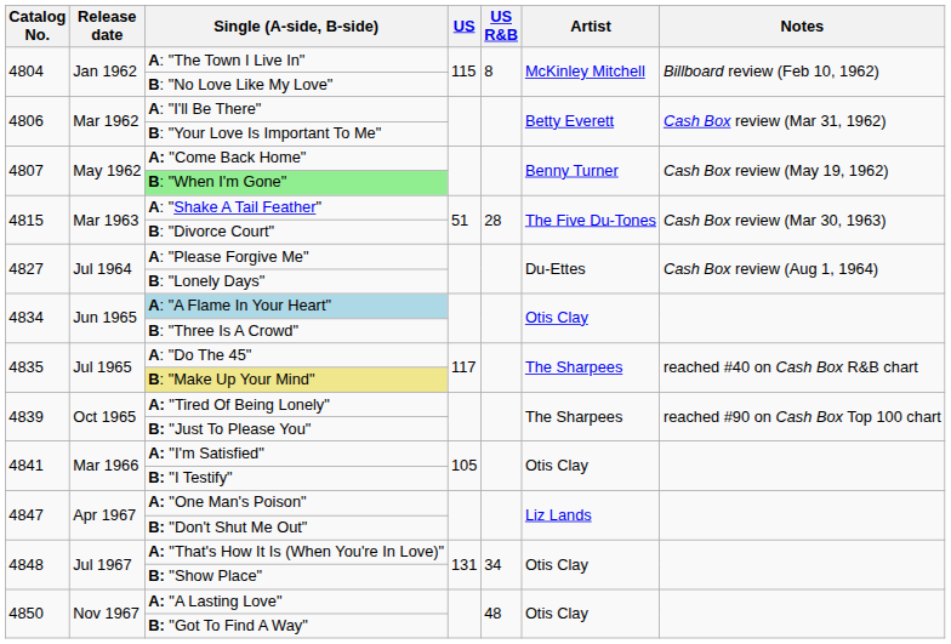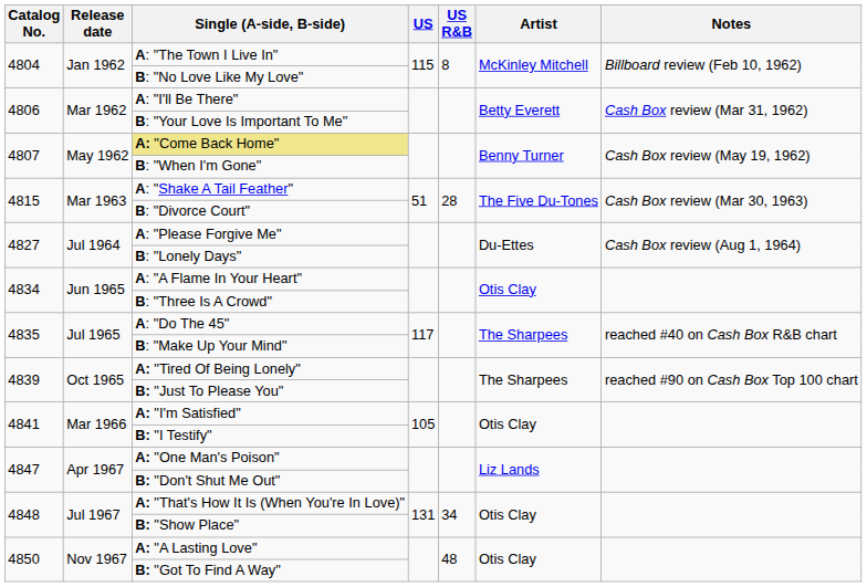 <table class="wikitable">
 <tr>
 <th>Catalog<br>No.</th>
 <th>Release<br>date</th>
 <th><strong>Single (A-side, B-side)</strong></th>
 <th><a href='#'>US</a></th>
 <th><a href='#'>US</a><br><a href='#'>R&B</a></th>
 <th>Artist</th>
 <th>Notes</th>
 </tr>
 <tr>
 <td rowspan="2">4804</td>
 <td rowspan="2">Jan 1962</td>
 <td><strong>A</strong>: "The Town I Live In"</td>
 <td rowspan="2">115</td>
 <td rowspan="2">8</td>
 <td rowspan="2"><a href='#'>McKinley Mitchell</a></td>
 <td rowspan="2"><em>Billboard</em> review (Feb 10, 1962)</td>
 </tr>
 <tr>
 <td><strong>B</strong>: "No Love Like My Love"</td>
 </tr>
 <tr>
 <td rowspan="2">4806</td>
 <td rowspan="2">Mar 1962</td>
 <td><strong>A</strong>: "I'll Be There"</td>
 <td rowspan="2" align="center"></td>
 <td rowspan="2" align="center"></td>
 <td rowspan="2"><a href='#'>Betty Everett</a></td>
 <td rowspan="2"><a href='#'><em>Cash Box</em></a> review (Mar 31, 1962)</td>
 </tr>
 <tr>
 <td><strong>B</strong>: "Your Love Is Important To Me"</td>
 </tr>
 <tr>
 <td rowspan="2">4807</td>
 <td rowspan="2">May 1962</td>
-<td><strong>A:</strong> "Come Back Home"</td>
+<td style="background: khaki;"><strong>A:</strong> "Come Back Home"</td>
 <td rowspan="2"></td>
 <td rowspan="2"></td>
 <td rowspan="2"><a href='#'>Benny Turner</a></td>
 <td rowspan="2"><em>Cash Box</em> review (May 19, 1962)</td>
 </tr>
 <tr>
-<td style="background: lightgreen;"><strong>B</strong>: "When I'm Gone"</td>
+<td><strong>B</strong>: "When I'm Gone"</td>
 </tr>
 <tr>
 <td rowspan="2">4815</td>
 <td rowspan="2">Mar 1963</td>
 <td><strong>A</strong>: "<a href='#'>Shake A Tail Feather</a>"</td>
 <td rowspan="2">51</td>
 <td rowspan="2">28</td>
 <td rowspan="2"><a href='#'>The Five Du-Tones</a></td>
 <td rowspan="2"><em>Cash Box</em> review (Mar 30, 1963)</td>
 </tr>
 <tr>
 <td><strong>B</strong>: "Divorce Court"</td>
 </tr>
 <tr>
 <td rowspan="2">4827</td>
 <td rowspan="2">Jul 1964</td>
 <td><strong>A</strong>: "Please Forgive Me"</td>
 <td rowspan="2"></td>
 <td rowspan="2"></td>
 <td rowspan="2">Du-Ettes</td>
 <td rowspan="2"><em>Cash Box</em> review (Aug 1, 1964)</td>
 </tr>
 <tr>
 <td><strong>B</strong>: "Lonely Days"</td>
 </tr>
 <tr>
 <td rowspan="2">4834</td>
 <td rowspan="2">Jun 1965</td>
-<td style="background: lightblue;"><strong>A</strong>: "A Flame In Your Heart"</td>
+<td><strong>A</strong>: "A Flame In Your Heart"</td>
 <td rowspan="2"></td>
 <td rowspan="2"></td>
 <td rowspan="2"><a href='#'>Otis Clay</a></td>
 <td rowspan="2"></td>
 </tr>
 <tr>
 <td><strong>B</strong>: "Three Is A Crowd"</td>
 </tr>
 <tr>
 <td rowspan="2">4835</td>
 <td rowspan="2">Jul 1965</td>
 <td><strong>A</strong>: "Do The 45"</td>
 <td rowspan="2">117</td>
 <td rowspan="2"></td>
 <td rowspan="2"><a href='#'>The Sharpees</a></td>
 <td rowspan="2">reached #40 on <em>Cash Box</em> R&B chart</td>
 </tr>
 <tr>
-<td style="background: khaki;"><strong>B</strong>: "Make Up Your Mind"</td>
+<td><strong>B</strong>: "Make Up Your Mind"</td>
 </tr>
 <tr>
 <td rowspan="2">4839</td>
 <td rowspan="2">Oct 1965</td>
 <td><strong>A:</strong> "Tired Of Being Lonely"</td>
 <td rowspan="2"></td>
 <td rowspan="2"></td>
 <td rowspan="2">The Sharpees</td>
 <td rowspan="2">reached #90 on <em>Cash Box</em> Top 100 chart</td>
 </tr>
 <tr>
 <td><strong>B:</strong> "Just To Please You"</td>
 </tr>
 <tr>
 <td rowspan="2">4841</td>
 <td rowspan="2">Mar 1966</td>
 <td><strong>A:</strong> "I'm Satisfied"</td>
 <td rowspan="2">105</td>
 <td rowspan="2"></td>
 <td rowspan="2">Otis Clay</td>
 <td rowspan="2"></td>
 </tr>
 <tr>
 <td><strong>B:</strong> "I Testify"</td>
 </tr>
 <tr>
 <td rowspan="2">4847</td>
 <td rowspan="2">Apr 1967</td>
 <td><strong>A:</strong> "One Man's Poison"</td>
 <td rowspan="2"></td>
 <td rowspan="2"></td>
 <td rowspan="2"><a href='#'>Liz Lands</a></td>
 <td rowspan="2"></td>
 </tr>
 <tr>
 <td><strong>B:</strong> "Don't Shut Me Out"</td>
 </tr>
 <tr>
 <td rowspan="2">4848</td>
 <td rowspan="2">Jul 1967</td>
 <td><strong>A:</strong> "That's How It Is (When You're In Love)"</td>
 <td rowspan="2">131</td>
 <td rowspan="2">34</td>
 <td rowspan="2">Otis Clay</td>
 <td rowspan="2"></td>
 </tr>
 <tr>
 <td><strong>B:</strong> "Show Place"</td>
 </tr>
 <tr>
 <td rowspan="2">4850</td>
 <td rowspan="2">Nov 1967</td>
 <td><strong>A:</strong> "A Lasting Love"</td>
 <td rowspan="2"></td>
 <td rowspan="2">48</td>
 <td rowspan="2">Otis Clay</td>
 <td rowspan="2"></td>
 </tr>
 <tr>
 <td><strong>B:</strong> "Got To Find A Way"</td>
 </tr>
 </table>
